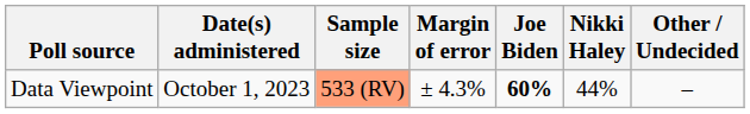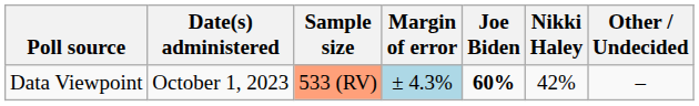 <table class="wikitable sortable mw-datatable" style="font-size:90%;text-align:center;line-height:17px">
 <tr valign=bottom>
 <th>Poll source</th>
 <th>Date(s)<br>administered</th>
 <th>Sample<br>size</th>
 <th>Margin<br>of error</th>
 <th class="unsortable">Joe<br>Biden<br></th>
 <th class="unsortable">Nikki<br>Haley<br></th>
 <th class="unsortable">Other /<br>Undecided</th>
 </tr>
 <tr>
 <td style="text-align:left;">Data Viewpoint</td>
 <td>October 1, 2023</td>
 <td style="background: lightsalmon;">533 (RV)</td>
-<td>± 4.3%</td>
+<td style="background: lightblue;">± 4.3%</td>
 <td style="color:black;background-color:"><strong>60%</strong></td>
-<td>44%</td>
+<td>42%</td>
 <td>–</td>
 </tr>
 </table>
